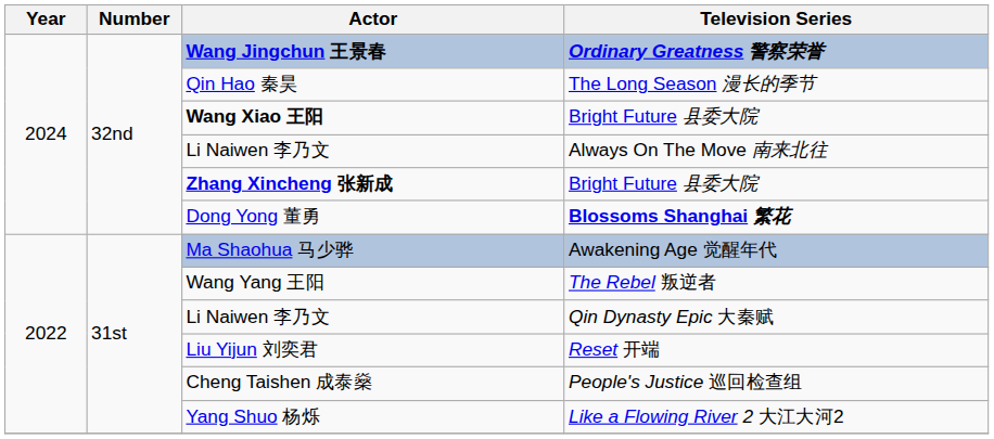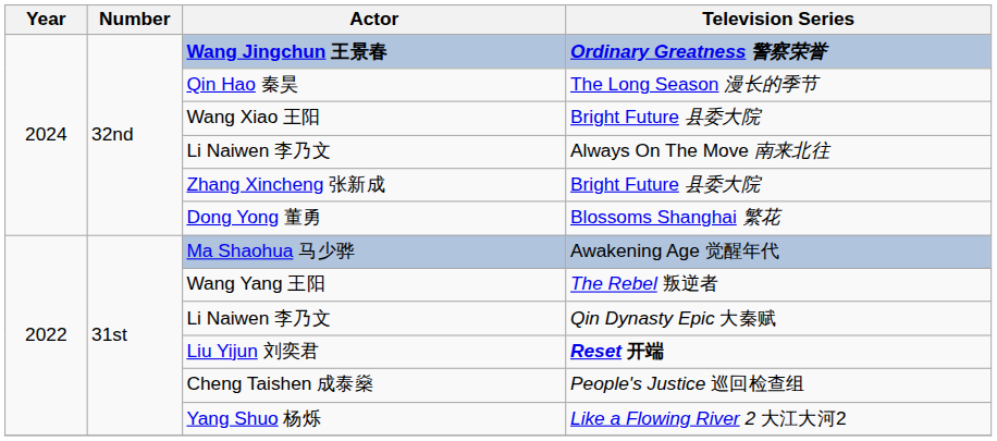 <table class="wikitable" width="95%" align="center">
 <tr>
 <th width="6%">Year</th>
 <th width="4%">Number</th>
 <th width="28%">Actor</th>
 <th width="31%">Television Series</th>
 </tr>
 <tr>
 <td rowspan="6" style="text-align:center;">2024</td>
 <td rowspan="6">32nd</td>
 <td style="background:#B0C4DE;"><strong><a href='#'>Wang Jingchun</a> 王景春</strong></td>
 <td style="background:#B0C4DE;"><strong><em><a href='#'>Ordinary Greatness</a><em> 警察荣誉	<strong></td>
 </tr>
 <tr>
 <td><a href='#'>Qin Hao</a> 秦昊</td>
 <td></em><a href='#'>The Long Season</a><em> 漫长的季节</td>
 </tr>
 <tr>
-<td><strong>Wang Xiao  王阳</strong></td>
+<td>Wang Xiao  王阳</td>
 <td></em><a href='#'>Bright Future</a><em> 县委大院</td>
 </tr>
 <tr>
 <td>Li Naiwen 李乃文</td>
 <td></em>Always On The Move<em> 南来北往</td>
 </tr>
 <tr>
-<td><strong><a href='#'>Zhang Xincheng</a> 张新成</strong></td>
+<td><a href='#'>Zhang Xincheng</a> 张新成</td>
 <td></em><a href='#'>Bright Future</a><em> 县委大院</td>
 </tr>
 <tr>
 <td><a href='#'>Dong Yong</a> 董勇</td>
-<td><strong></em><a href='#'>Blossoms Shanghai</a><em> 繁花</strong></td>
+<td></em><a href='#'>Blossoms Shanghai</a><em> 繁花</td>
 </tr>
 <tr>
 <td rowspan="6" style="text-align:center;">2022</td>
 <td rowspan="6">31st</td>
 <td style="background:#B0C4DE;"></strong><a href='#'>Ma Shaohua</a> 马少骅<strong></td>
 <td style="background:#B0C4DE;"></em></strong>Awakening Age</em> 觉醒年代	</strong></td>
 </tr>
 <tr>
 <td>Wang Yang  王阳</td>
 <td><em><a href='#'>The Rebel</a></em> 叛逆者</td>
 </tr>
 <tr>
 <td>Li Naiwen 李乃文</td>
 <td><em>Qin Dynasty Epic</em> 大秦赋</td>
 </tr>
 <tr>
 <td><a href='#'>Liu Yijun</a> 刘奕君</td>
-<td><em><a href='#'>Reset</a></em> 开端</td>
+<td><strong><em><a href='#'>Reset</a></em> 开端</strong></td>
 </tr>
 <tr>
 <td>Cheng Taishen 成泰燊</td>
 <td><em>People's Justice</em> 巡回检查组</td>
 </tr>
 <tr>
 <td><a href='#'>Yang Shuo</a> 杨烁</td>
 <td><em><a href='#'>Like a Flowing River</a> 2</em> 大江大河2</td>
 </tr>
 <tr>
 </tr>
 </table>
